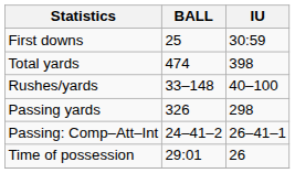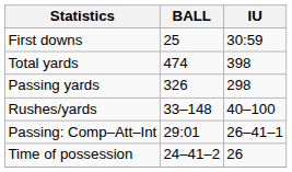 <table class="wikitable" style="float: left;">
 <tr>
 <th>Statistics</th>
 <th>BALL</th>
 <th>IU</th>
 </tr>
 <tr>
 <td>First downs</td>
 <td>25</td>
 <td>30:59</td>
 </tr>
 <tr>
 <td>Total yards</td>
 <td>474</td>
 <td>398</td>
 </tr>
 <tr>
+<td>Passing yards</td>
+<td>326</td>
+<td>298</td>
+</tr>
+<tr>
 <td>Rushes/yards</td>
 <td>33–148</td>
 <td>40–100</td>
 </tr>
 <tr>
-<td>Passing yards</td>
-<td>326</td>
-<td>298</td>
-</tr>
-<tr>
 <td>Passing: Comp–Att–Int</td>
-<td>24–41–2</td>
+<td>29:01</td>
 <td>26–41–1</td>
 </tr>
 <tr>
 <td>Time of possession</td>
-<td>29:01</td>
+<td>24–41–2</td>
 <td>26</td>
 </tr>
 <tr>
 </tr>
 </table>
